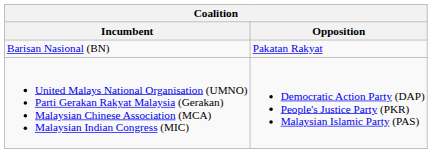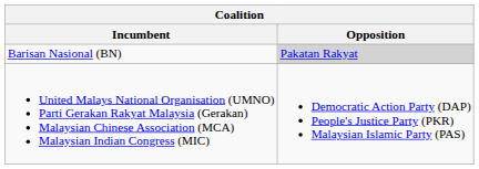 <table class="wikitable">
 <tr>
 <th colspan="2">Coalition</th>
 </tr>
 <tr>
 <th>Incumbent</th>
 <th>Opposition</th>
 </tr>
 <tr>
 <td><a href='#'>Barisan Nasional</a> (BN)</td>
-<td><a href='#'>Pakatan Rakyat</a></td>
+<td style="background: lightgrey;"><a href='#'>Pakatan Rakyat</a></td>
 </tr>
 <tr>
 <td><br><ul><li> <a href='#'>United Malays National Organisation</a> (UMNO)</li><li> <a href='#'>Parti Gerakan Rakyat Malaysia</a> (Gerakan)</li><li> <a href='#'>Malaysian Chinese Association</a> (MCA)</li><li> <a href='#'>Malaysian Indian Congress</a> (MIC)</li></ul></td>
 <td><br><ul><li> <a href='#'>Democratic Action Party</a> (DAP)</li><li> <a href='#'>People's Justice Party</a> (PKR)</li><li> <a href='#'>Malaysian Islamic Party</a> (PAS)</li></ul></td>
 </tr>
 </table>
